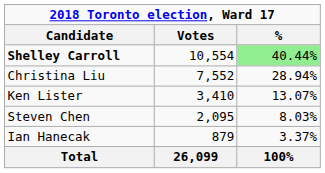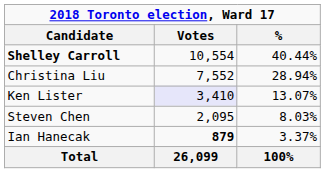 <table class="wikitable">
 <tr>
 <td Colspan="3" align="center"><strong><a href='#'>2018 Toronto election</a>, Ward 17</strong></td>
 </tr>
 <tr>
 <th bgcolor="#DDDDFF" width="150px">Candidate</th>
 <th bgcolor="#DDDDFF" width="80px">Votes</th>
 <th bgcolor="#DDDDFF" width="80px">%</th>
 </tr>
 <tr>
 <td><strong>Shelley Carroll</strong></td>
 <td align=right>10,554</td>
-<td align=right style="background: lightgreen;">40.44%</td>
+<td align=right>40.44%</td>
 </tr>
 <tr>
 <td>Christina Liu</td>
 <td align=right>7,552</td>
 <td align=right>28.94%</td>
 </tr>
 <tr>
 <td>Ken Lister</td>
-<td align=right>3,410</td>
+<td align=right style="background: lavender;">3,410</td>
 <td align=right>13.07%</td>
 </tr>
 <tr>
 <td>Steven Chen</td>
 <td align=right>2,095</td>
 <td align=right>8.03%</td>
 </tr>
 <tr>
 <td>Ian Hanecak</td>
-<td align=right>879</td>
+<td align=right><strong>879</strong></td>
 <td align=right>3.37%</td>
 </tr>
 <tr>
 <th>Total</th>
 <th align=right>26,099</th>
 <th align=right>100%</th>
 </tr>
 </table>
